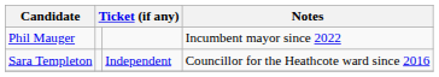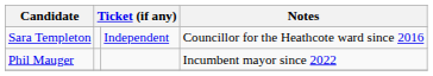 <table class="wikitable" style="font-size: 95%">
 <tr>
 <th>Candidate</th>
 <th colspan="2"><a href='#'>Ticket</a> (if any)</th>
 <th>Notes</th>
+</tr>
+<tr>
+<td><a href='#'>Sara Templeton</a></td>
+<td style="background-color:"></td>
+<td><a href='#'>Independent</a></td>
+<td>Councillor for the Heathcote ward since <a href='#'>2016</a></td>
 </tr>
 <tr>
 <td><a href='#'>Phil Mauger</a></td>
 <td></td>
 <td></td>
 <td>Incumbent mayor since <a href='#'>2022</a></td>
 </tr>
 <tr>
-<td><a href='#'>Sara Templeton</a></td>
-<td style="background-color:"></td>
-<td><a href='#'>Independent</a></td>
-<td>Councillor for the Heathcote ward since <a href='#'>2016</a></td>
-</tr>
-<tr>
 </tr>
 </table>
